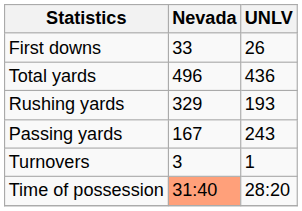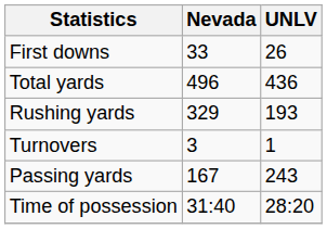 <table class="wikitable">
 <tr>
 <th>Statistics</th>
 <th>Nevada</th>
 <th>UNLV</th>
 </tr>
 <tr>
 <td>First downs</td>
 <td>33</td>
 <td>26</td>
 </tr>
 <tr>
 <td>Total yards</td>
 <td>496</td>
 <td>436</td>
 </tr>
 <tr>
 <td>Rushing yards</td>
 <td>329</td>
 <td>193</td>
 </tr>
 <tr>
+<td>Turnovers</td>
+<td>3</td>
+<td>1</td>
+</tr>
+<tr>
 <td>Passing yards</td>
 <td>167</td>
 <td>243</td>
 </tr>
 <tr>
-<td>Turnovers</td>
-<td>3</td>
-<td>1</td>
-</tr>
-<tr>
 <td>Time of possession</td>
-<td style="background: lightsalmon;">31:40</td>
+<td>31:40</td>
 <td>28:20</td>
 </tr>
 <tr>
 </tr>
 </table>
